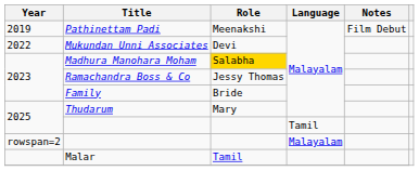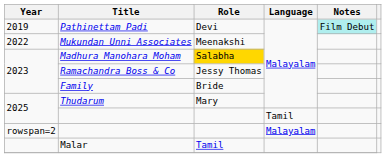 <table class="wikitable sortable">
 <tr>
 <th scope="col">Year</th>
 <th scope="col">Title</th>
 <th scope="col">Role</th>
 <th scope="col">Language</th>
 <th scope="col" class="unsortable">Notes</th>
 <th scope="col" class="unsortable"></th>
 </tr>
 <tr>
 <td>2019</td>
 <td><em><a href='#'>Pathinettam Padi</a></em></td>
-<td>Meenakshi</td>
+<td>Devi</td>
 <td rowspan=6><a href='#'>Malayalam</a></td>
-<td>Film Debut</td>
+<td style="background: paleturquoise;">Film Debut</td>
 <td></td>
 </tr>
 <tr>
 <td>2022</td>
 <td><em><a href='#'>Mukundan Unni Associates</a></em></td>
-<td>Devi</td>
+<td>Meenakshi</td>
 <td></td>
 <td></td>
 </tr>
 <tr>
 <td rowspan=3>2023</td>
 <td><em><a href='#'>Madhura Manohara Moham</a></em></td>
 <td style="background: gold;">Salabha</td>
 <td></td>
 <td></td>
 </tr>
 <tr>
 <td><em><a href='#'>Ramachandra Boss & Co</a></em></td>
 <td>Jessy Thomas</td>
 <td></td>
 <td></td>
 </tr>
 <tr>
 <td><em><a href='#'>Family</a></em></td>
 <td>Bride</td>
 <td></td>
 <td></td>
 </tr>
 <tr>
 <td rowspan=2>2025</td>
 <td><em><a href='#'>Thudarum</a></em></td>
 <td>Mary</td>
 <td></td>
 <td></td>
 </tr>
 <tr>
 <td></td>
 <td></td>
 <td>Tamil</td>
 <td></td>
 <td></td>
 </tr>
 <tr>
 <td>rowspan=2 </td>
 <td></td>
 <td></td>
 <td><a href='#'>Malayalam</a></td>
 <td></td>
 <td></td>
 </tr>
 <tr>
 <td></td>
 <td>Malar</td>
 <td><a href='#'>Tamil</a></td>
 <td></td>
 <td></td>
 </tr>
 <tr>
 </tr>
 </table>
